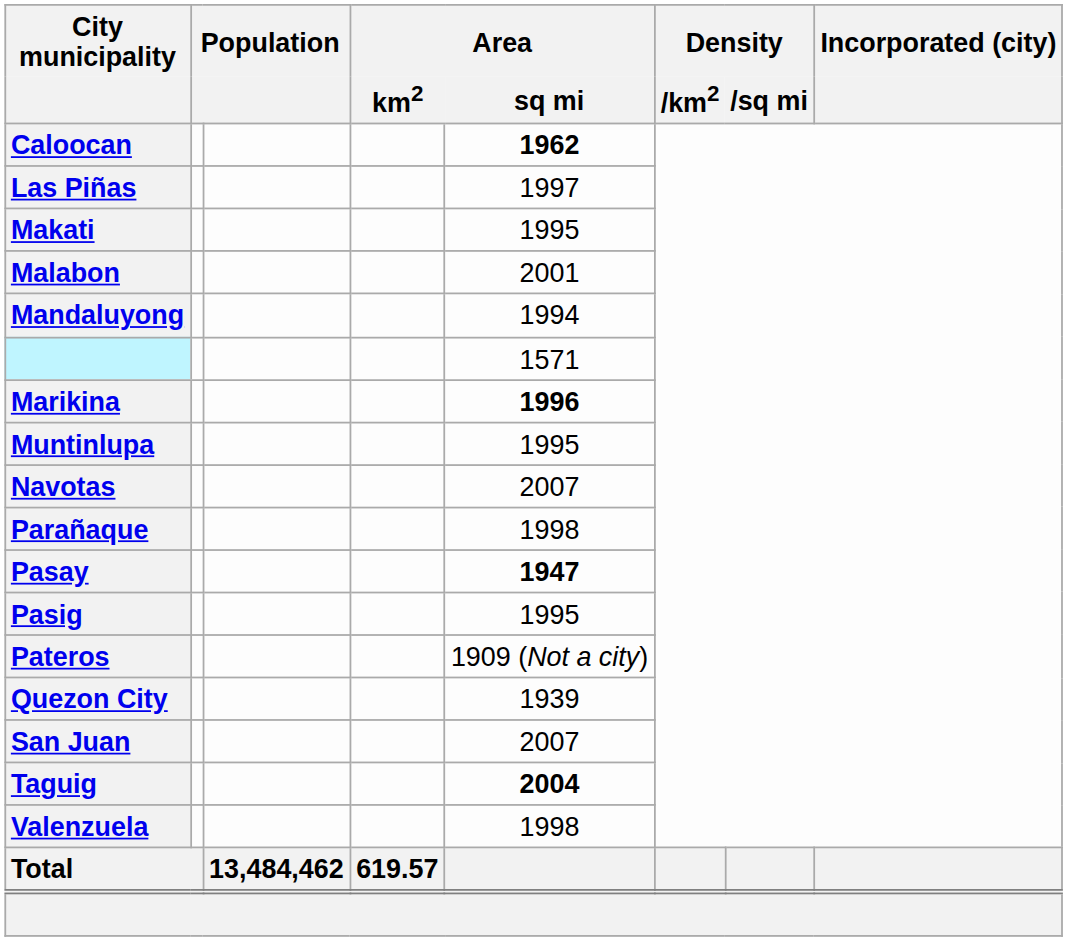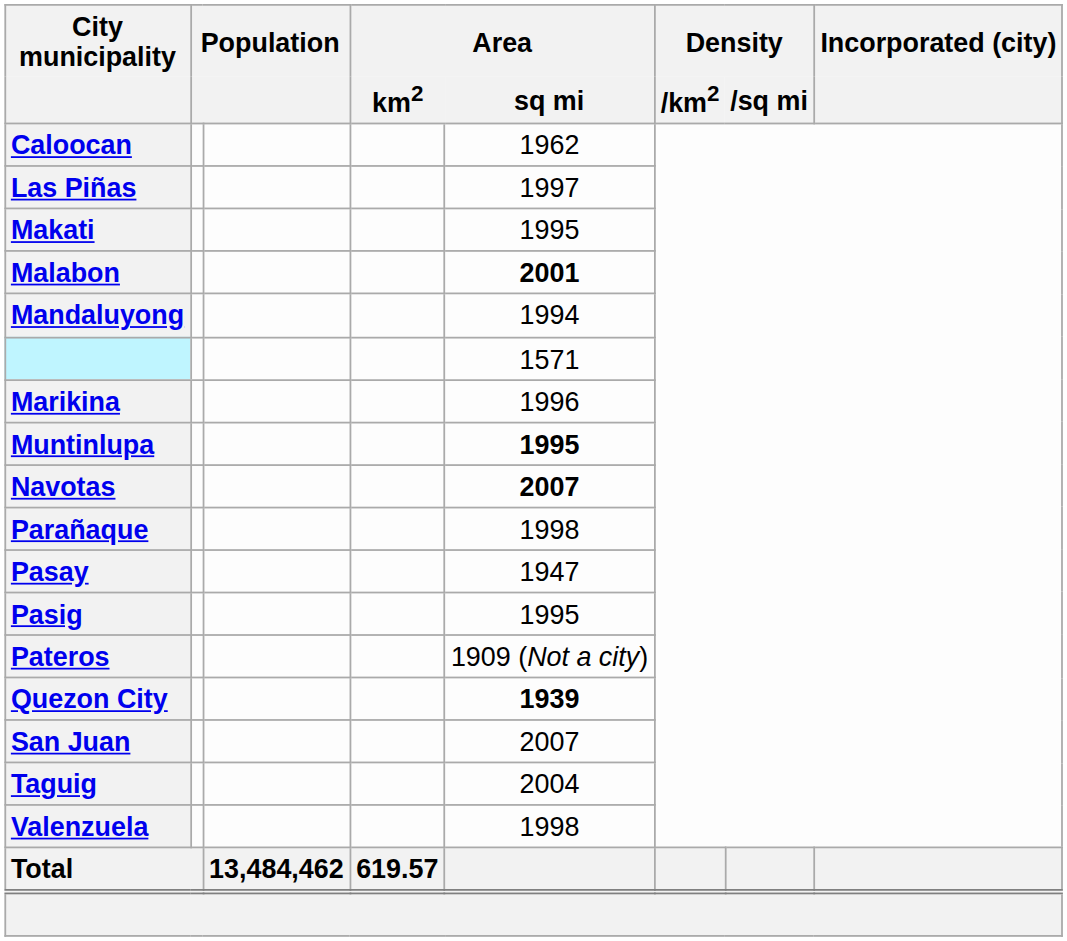 <table class="wikitable sortable" style="margin:auto;text-align:right;font-size:95%;background-color:#FDFDFD;">
 <tr>
 <th scope="col" style="border-bottom:none;" class="unsortable">City <br>municipality</th>
 <th scope="col" style="border-bottom:none;white-space:nowrap;" class="unsortable" colspan=2>Population </th>
 <th scope="col" style="border-bottom:none;" colspan=2>Area</th>
 <th scope="col" style="border-bottom:none;" colspan=2>Density</th>
 <th scope="col" style="border-bottom:none;">Incorporated (city)</th>
 </tr>
 <tr>
 <th scope="col" style="border-top:none;"></th>
 <th scope="col" style="border-top:none;" colspan=2></th>
 <th scope="col" style="border-style:none none solid solid;">km<sup>2</sup></th>
 <th scope="col" style="border-style:none solid solid none;white-space:nowrap;" class="unsortable">sq mi</th>
 <th scope="col" style="border-style:none none solid solid;">/km<sup>2</sup></th>
 <th scope="col" style="border-style:none solid solid none;white-space:nowrap;" class="unsortable">/sq mi</th>
 <th scope="col" style="border-top:none;"></th>
 </tr>
 <tr>
 <th scope="row" style="text-align:left;"><a href='#'>Caloocan</a></th>
 <td></td>
 <td></td>
 <td></td>
-<td style="text-align:center;"><strong>1962</strong></td>
+<td style="text-align:center;">1962</td>
 </tr>
 <tr>
 <th scope="row" style="text-align:left;"><a href='#'>Las Piñas</a></th>
 <td></td>
 <td></td>
 <td></td>
 <td style="text-align:center;">1997</td>
 </tr>
 <tr>
 <th scope="row" style="text-align:left;"><a href='#'>Makati</a></th>
 <td></td>
 <td></td>
 <td></td>
 <td style="text-align:center;">1995</td>
 </tr>
 <tr>
 <th scope="row" style="text-align:left;"><a href='#'>Malabon</a></th>
 <td></td>
 <td></td>
 <td></td>
-<td style="text-align:center;">2001</td>
+<td style="text-align:center;"><strong>2001</strong></td>
 </tr>
 <tr>
 <th scope="row" style="text-align:left;"><a href='#'>Mandaluyong</a></th>
 <td></td>
 <td></td>
 <td></td>
 <td style="text-align:center;">1994</td>
 </tr>
 <tr>
 <th scope="row" style="text-align:left;background-color:#BFF5FF;border-right:0;"></th>
 <td></td>
 <td></td>
 <td></td>
 <td style="text-align:center;">1571</td>
 </tr>
 <tr>
 <th scope="row" style="text-align:left;"><a href='#'>Marikina</a></th>
 <td></td>
 <td></td>
 <td></td>
-<td style="text-align:center;"><strong>1996</strong></td>
+<td style="text-align:center;">1996</td>
 </tr>
 <tr>
 <th scope="row" style="text-align:left;"><a href='#'>Muntinlupa</a></th>
 <td></td>
 <td></td>
 <td></td>
-<td style="text-align:center;">1995</td>
+<td style="text-align:center;"><strong>1995</strong></td>
 </tr>
 <tr>
 <th scope="row" style="text-align:left;"><a href='#'>Navotas</a></th>
 <td></td>
 <td></td>
 <td></td>
-<td style="text-align:center;">2007</td>
+<td style="text-align:center;"><strong>2007</strong></td>
 </tr>
 <tr>
 <th scope="row" style="text-align:left;"><a href='#'>Parañaque</a></th>
 <td></td>
 <td></td>
 <td></td>
 <td style="text-align:center;">1998</td>
 </tr>
 <tr>
 <th scope="row" style="text-align:left;"><a href='#'>Pasay</a></th>
 <td></td>
 <td></td>
 <td></td>
-<td style="text-align:center;"><strong>1947</strong></td>
+<td style="text-align:center;">1947</td>
 </tr>
 <tr>
 <th scope="row" style="text-align:left;"><a href='#'>Pasig</a></th>
 <td></td>
 <td></td>
 <td></td>
 <td style="text-align:center;">1995</td>
 </tr>
 <tr>
 <th scope="row" style="text-align:left;"><a href='#'>Pateros</a></th>
 <td></td>
 <td></td>
 <td></td>
 <td style="text-align:center;">1909 (<em>Not a city</em>)</td>
 </tr>
 <tr>
 <th scope="row" style="text-align:left;"><a href='#'>Quezon City</a></th>
 <td></td>
 <td></td>
 <td></td>
-<td style="text-align:center;">1939</td>
+<td style="text-align:center;"><strong>1939</strong></td>
 </tr>
 <tr>
 <th scope="row" style="text-align:left;"><a href='#'>San Juan</a></th>
 <td></td>
 <td></td>
 <td></td>
 <td style="text-align:center;">2007</td>
 </tr>
 <tr>
 <th scope="row" style="text-align:left;"><a href='#'>Taguig</a></th>
 <td></td>
 <td></td>
 <td></td>
-<td style="text-align:center;"><strong>2004</strong></td>
+<td style="text-align:center;">2004</td>
 </tr>
 <tr>
 <th scope="row" style="text-align:left;"><a href='#'>Valenzuela</a></th>
 <td></td>
 <td></td>
 <td></td>
 <td style="text-align:center;">1998</td>
 </tr>
 <tr class="sortbottom">
 <th scope="row" colspan=2 style="text-align:left;">Total</th>
 <th scope="col" style="text-align:right;">13,484,462</th>
 <th scope="col" style="text-align:right;">619.57</th>
 <th scope="col" style="text-align:right;"></th>
 <th scope="col" style="text-align:right;"></th>
 <th scope="col" style="text-align:right;"></th>
 <th scope="col" style="background-color:none;border-bottom:none"></th>
 </tr>
 <tr class="sortbottom" style="text-align:left;background-color:#F2F2F2;border-top:double grey;">
 <td colspan=8 style="padding-left:1em;"><br></td>
 </tr>
 </table>
